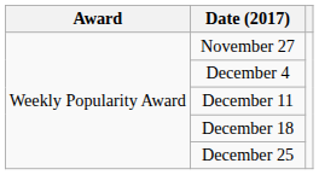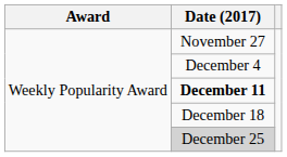 <table class="wikitable" style="table-layout: fixed; margin-right:0; text-align:center">
 <tr>
 <th>Award</th>
 <th width="100">Date (2017)</th>
 <th></th>
 </tr>
 <tr>
 <td rowspan="5" align="center">Weekly Popularity Award</td>
 <td align="center">November 27</td>
 <td rowspan="5" align="center"></td>
 </tr>
 <tr>
 <td align="center">December 4</td>
 </tr>
 <tr>
-<td align="center">December 11</td>
+<td align="center"><strong>December 11</strong></td>
 </tr>
 <tr>
 <td align="center">December 18</td>
 </tr>
 <tr>
-<td align="center">December 25</td>
+<td align="center" style="background: lightgrey;">December 25</td>
 </tr>
 </table>
